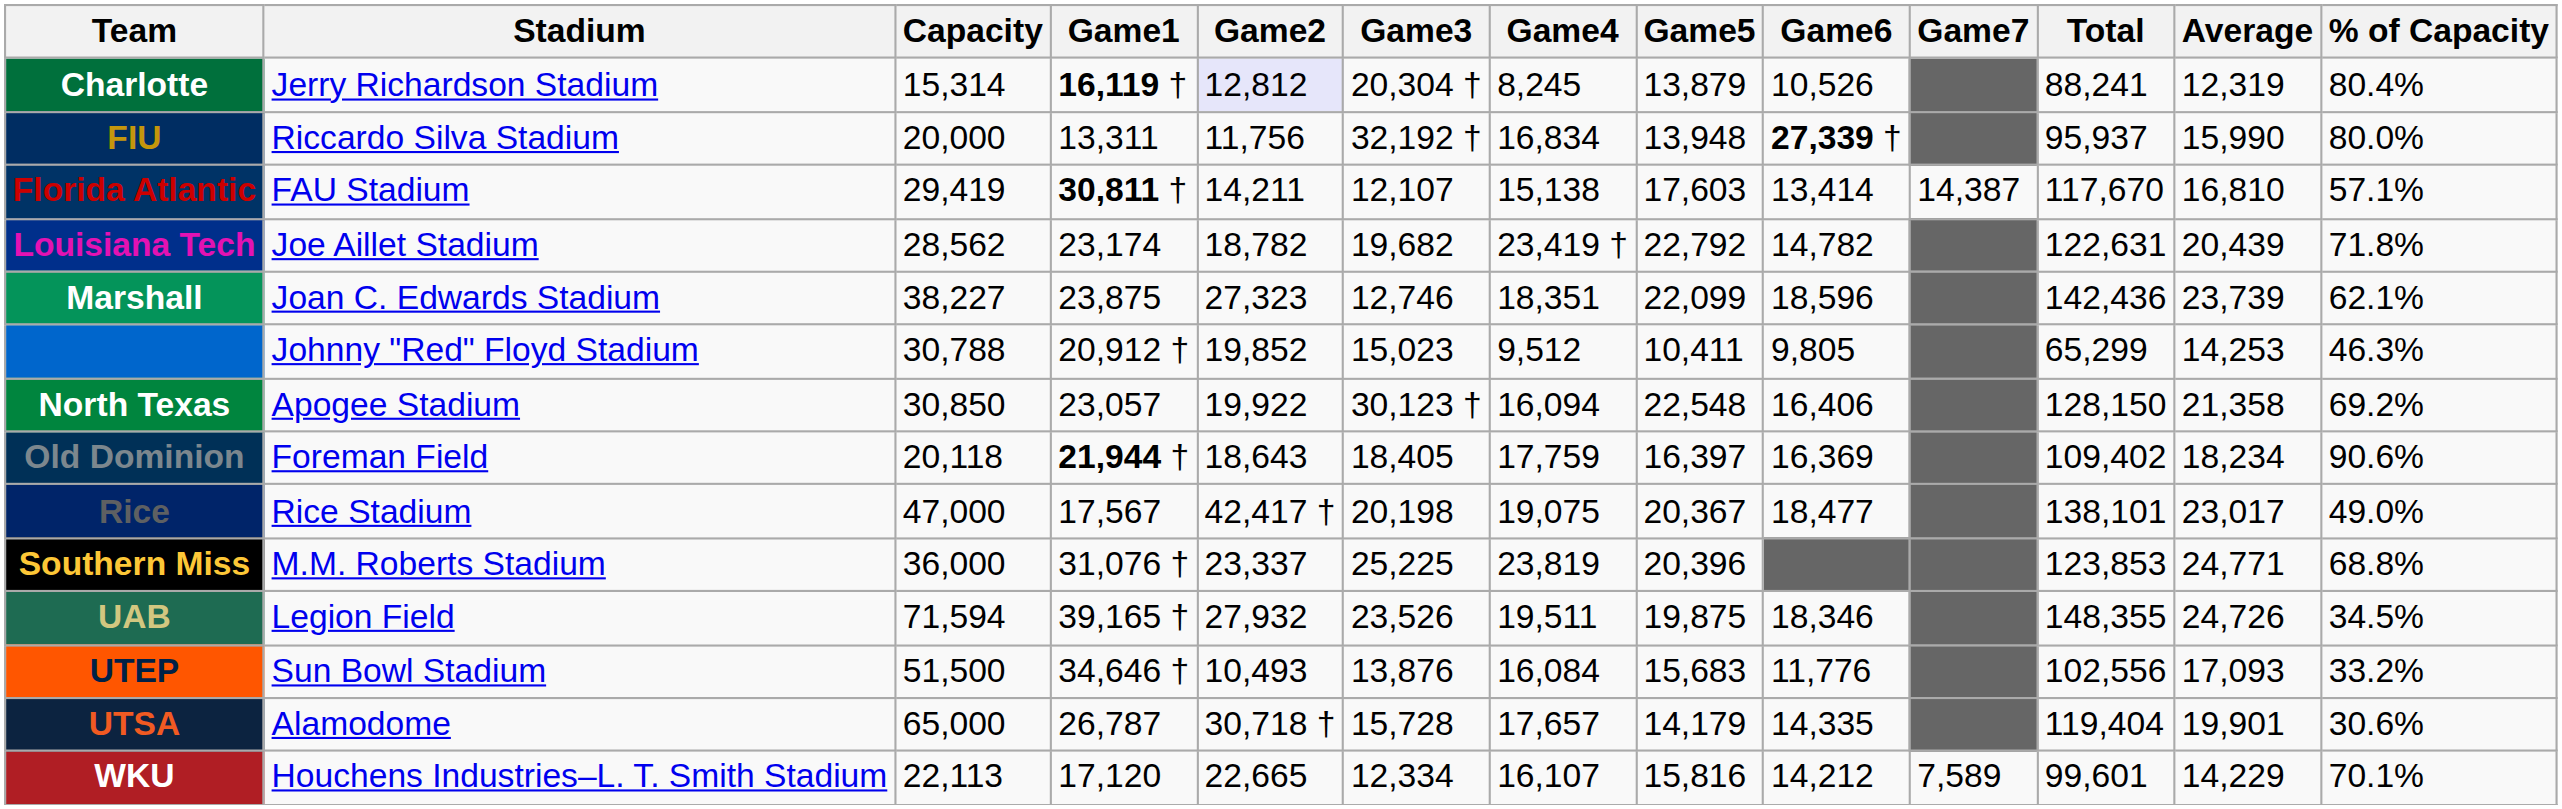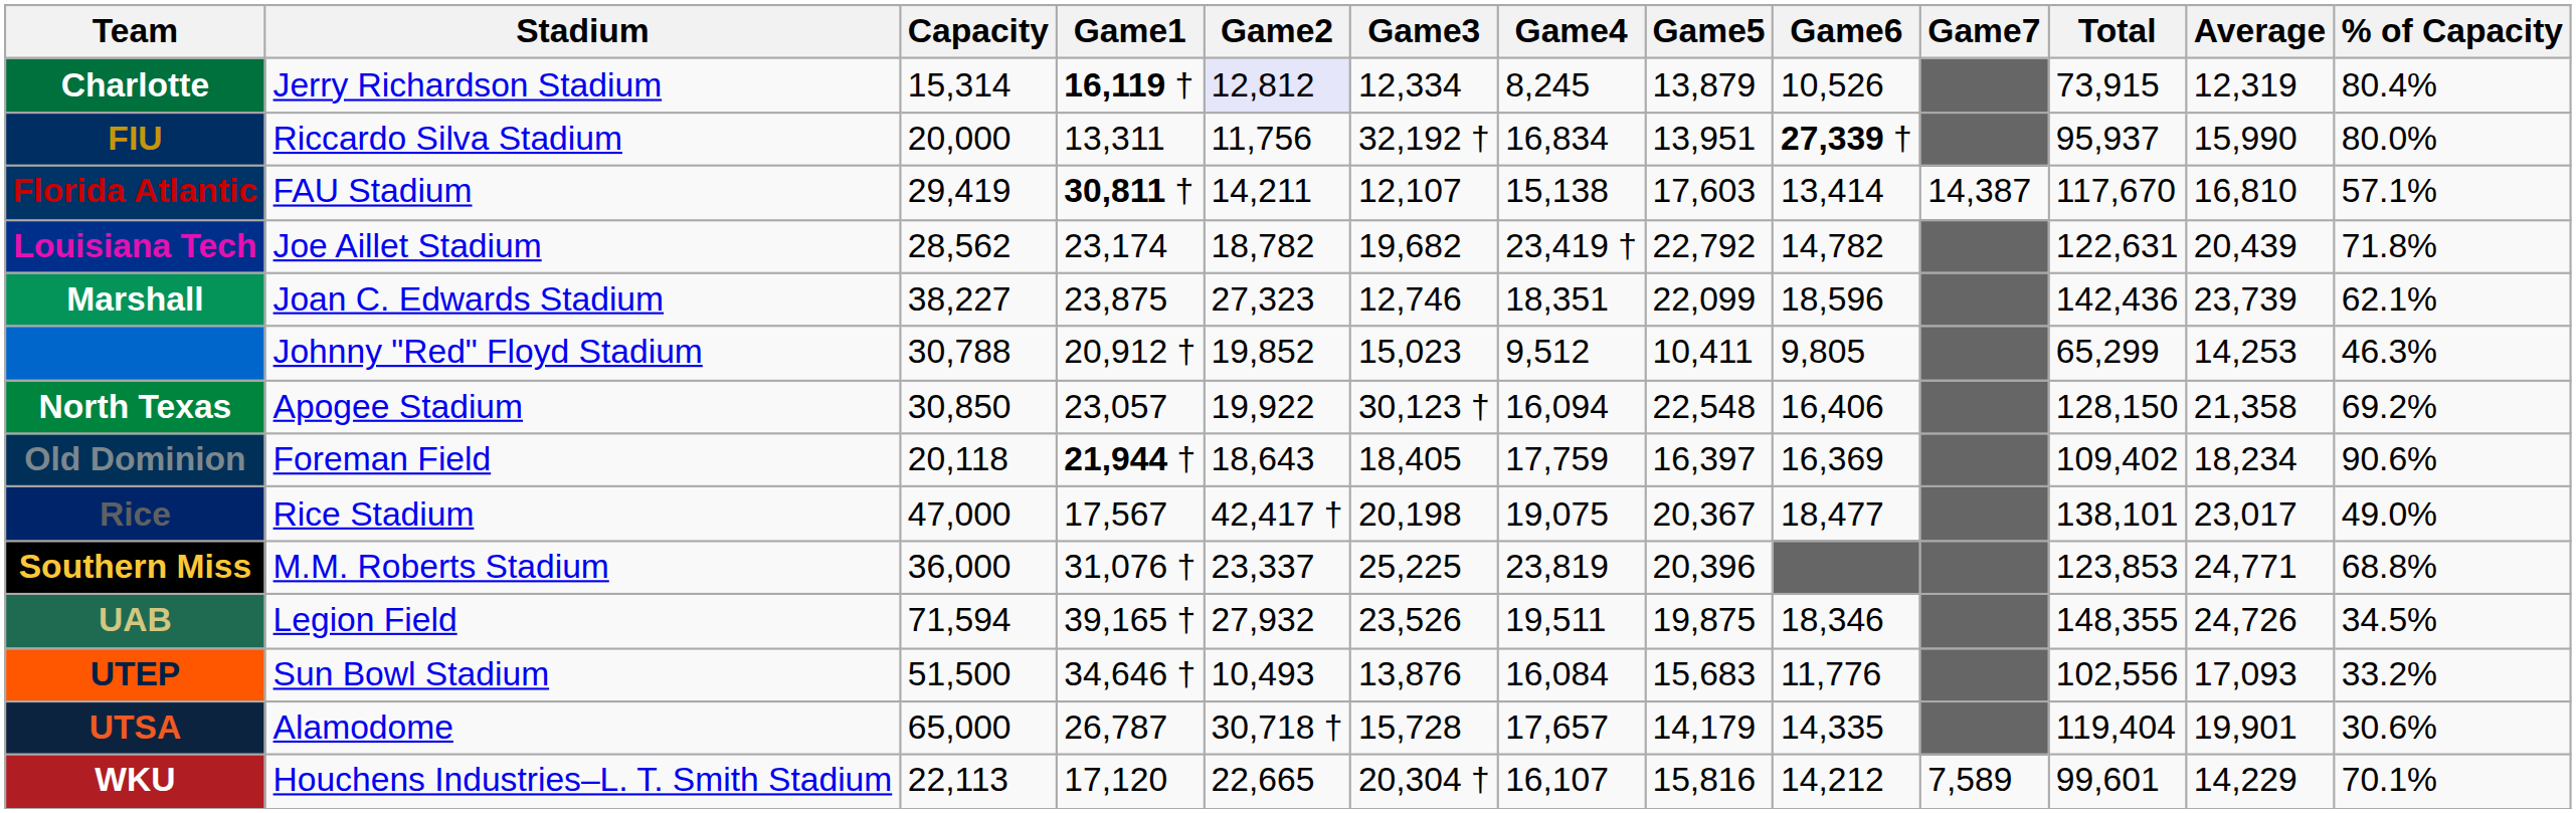 <table class="wikitable sortable wikitable source">
 <tr>
 <th>Team</th>
 <th>Stadium</th>
 <th>Capacity</th>
 <th>Game1</th>
 <th>Game2</th>
 <th>Game3</th>
 <th>Game4</th>
 <th>Game5</th>
 <th>Game6</th>
 <th>Game7</th>
 <th>Total</th>
 <th>Average</th>
 <th>% of Capacity</th>
 </tr>
 <tr>
 <th style="background:#00703C; color:#FFFFFF;">Charlotte</th>
 <td><a href='#'>Jerry Richardson Stadium</a></td>
 <td>15,314</td>
 <td><strong>16,119</strong> †</td>
 <td style="background: lavender;">12,812</td>
-<td>20,304 †</td>
+<td>12,334</td>
 <td>8,245</td>
 <td>13,879</td>
 <td>10,526</td>
 <td style="background:#666666;"></td>
-<td>88,241</td>
+<td>73,915</td>
 <td>12,319</td>
 <td>80.4%</td>
 </tr>
 <tr>
 <th style="background:#002d62; color:#c5960c;">FIU</th>
 <td><a href='#'>Riccardo Silva Stadium</a></td>
 <td>20,000</td>
 <td>13,311</td>
 <td>11,756</td>
 <td>32,192 †</td>
 <td>16,834</td>
-<td>13,948</td>
+<td>13,951</td>
 <td><strong>27,339</strong> †</td>
 <td style="background:#666666;"></td>
 <td>95,937</td>
 <td>15,990</td>
 <td>80.0%</td>
 </tr>
 <tr>
 <th style="background:#003366; color:#CC0000;">Florida Atlantic</th>
 <td><a href='#'>FAU Stadium</a></td>
 <td>29,419</td>
 <td><strong>30,811</strong> †</td>
 <td>14,211</td>
 <td>12,107</td>
 <td>15,138</td>
 <td>17,603</td>
 <td>13,414</td>
 <td>14,387</td>
 <td>117,670</td>
 <td>16,810</td>
 <td>57.1%</td>
 </tr>
 <tr>
 <th style="background:#002F8B; color:#E312B3;">Louisiana Tech</th>
 <td><a href='#'>Joe Aillet Stadium</a></td>
 <td>28,562</td>
 <td>23,174</td>
 <td>18,782</td>
 <td>19,682</td>
 <td>23,419 †</td>
 <td>22,792</td>
 <td>14,782</td>
 <td style="background:#666666;"></td>
 <td>122,631</td>
 <td>20,439</td>
 <td>71.8%</td>
 </tr>
 <tr>
 <th style="background:#04945a; color:#FFFFFF;">Marshall</th>
 <td><a href='#'>Joan C. Edwards Stadium</a></td>
 <td>38,227</td>
 <td>23,875</td>
 <td>27,323</td>
 <td>12,746</td>
 <td>18,351</td>
 <td>22,099</td>
 <td>18,596</td>
 <td style="background:#666666;"></td>
 <td>142,436</td>
 <td>23,739</td>
 <td>62.1%</td>
 </tr>
 <tr>
 <th style="background:#0066CC; color:#ffffff;"></th>
 <td><a href='#'>Johnny "Red" Floyd Stadium</a></td>
 <td>30,788</td>
 <td>20,912 †</td>
 <td>19,852</td>
 <td>15,023</td>
 <td>9,512</td>
 <td>10,411</td>
 <td>9,805</td>
 <td style="background:#666666;"></td>
 <td>65,299</td>
 <td>14,253</td>
 <td>46.3%</td>
 </tr>
 <tr>
 <th style="background:#00853E; color:#FFFFFF;">North Texas</th>
 <td><a href='#'>Apogee Stadium</a></td>
 <td>30,850</td>
 <td>23,057</td>
 <td>19,922</td>
 <td>30,123 †</td>
 <td>16,094</td>
 <td>22,548</td>
 <td>16,406</td>
 <td style="background:#666666;"></td>
 <td>128,150</td>
 <td>21,358</td>
 <td>69.2%</td>
 </tr>
 <tr>
 <th style="background:#003057; color:#7c878e;">Old Dominion</th>
 <td><a href='#'>Foreman Field</a></td>
 <td>20,118</td>
 <td><strong>21,944</strong> †</td>
 <td>18,643</td>
 <td>18,405</td>
 <td>17,759</td>
 <td>16,397</td>
 <td>16,369</td>
 <td style="background:#666666;"></td>
 <td>109,402</td>
 <td>18,234</td>
 <td>90.6%</td>
 </tr>
 <tr>
 <th style="background:#002469; color:#5e6062;">Rice</th>
 <td><a href='#'>Rice Stadium</a></td>
 <td>47,000</td>
 <td>17,567</td>
 <td>42,417 †</td>
 <td>20,198</td>
 <td>19,075</td>
 <td>20,367</td>
 <td>18,477</td>
 <td style="background:#666666;"></td>
 <td>138,101</td>
 <td>23,017</td>
 <td>49.0%</td>
 </tr>
 <tr>
 <th style="background:#000000; color:#FDC737;">Southern Miss</th>
 <td><a href='#'>M.M. Roberts Stadium</a></td>
 <td>36,000</td>
 <td>31,076 †</td>
 <td>23,337</td>
 <td>25,225</td>
 <td>23,819</td>
 <td>20,396</td>
 <td style="background:#666666;"></td>
 <td style="background:#666666;"></td>
 <td>123,853</td>
 <td>24,771</td>
 <td>68.8%</td>
 </tr>
 <tr>
 <th style="background:#1E6B52; color:#D2C780;">UAB</th>
 <td><a href='#'>Legion Field</a></td>
 <td>71,594</td>
 <td>39,165 †</td>
 <td>27,932</td>
 <td>23,526</td>
 <td>19,511</td>
 <td>19,875</td>
 <td>18,346</td>
 <td style="background:#666666;"></td>
 <td>148,355</td>
 <td>24,726</td>
 <td>34.5%</td>
 </tr>
 <tr>
 <th style="background:#ff5600; color:#002147;">UTEP</th>
 <td><a href='#'>Sun Bowl Stadium</a></td>
 <td>51,500</td>
 <td>34,646 †</td>
 <td>10,493</td>
 <td>13,876</td>
 <td>16,084</td>
 <td>15,683</td>
 <td>11,776</td>
 <td style="background:#666666;"></td>
 <td>102,556</td>
 <td>17,093</td>
 <td>33.2%</td>
 </tr>
 <tr>
 <th style="background:#0c2340; color:#f15a22;">UTSA</th>
 <td><a href='#'>Alamodome</a></td>
 <td>65,000</td>
 <td>26,787</td>
 <td>30,718 †</td>
 <td>15,728</td>
 <td>17,657</td>
 <td>14,179</td>
 <td>14,335</td>
 <td style="background:#666666;"></td>
 <td>119,404</td>
 <td>19,901</td>
 <td>30.6%</td>
 </tr>
 <tr>
 <th style="background:#B01E24; color:#FFFFFF">WKU</th>
 <td><a href='#'>Houchens Industries–L. T. Smith Stadium</a></td>
 <td>22,113</td>
 <td>17,120</td>
 <td>22,665</td>
-<td>12,334</td>
+<td>20,304 †</td>
 <td>16,107</td>
 <td>15,816</td>
 <td>14,212</td>
 <td>7,589</td>
 <td>99,601</td>
 <td>14,229</td>
 <td>70.1%</td>
 </tr>
 <tr>
 </tr>
 </table>
